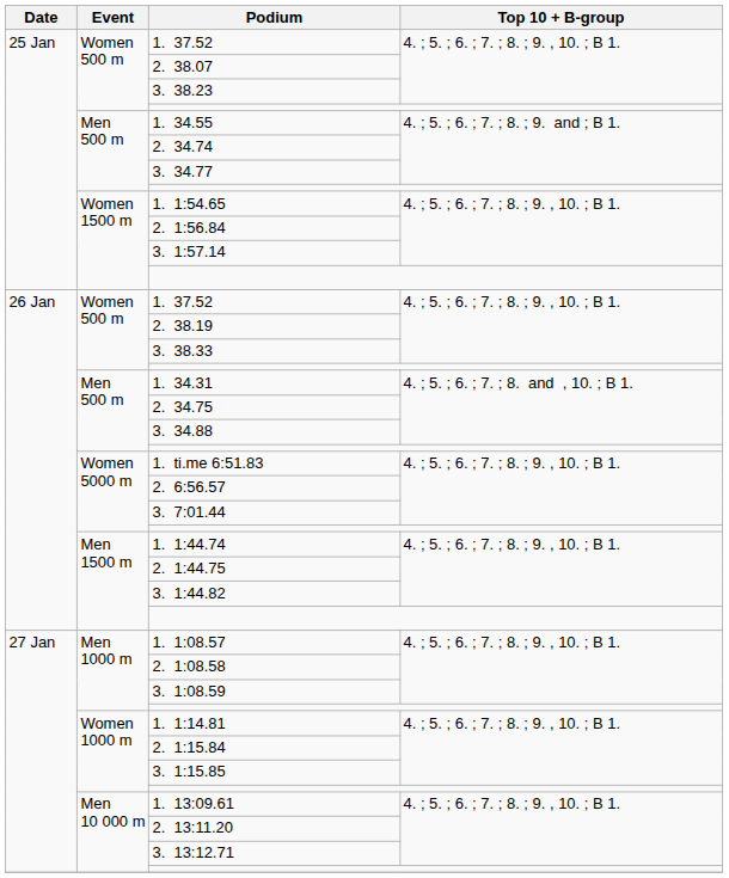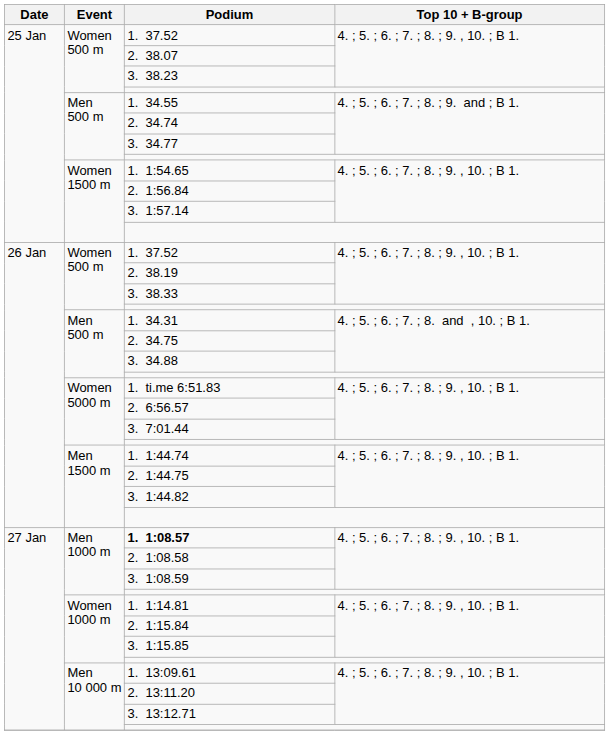 <table class="wikitable">
 <tr>
 <th width="10%">Date</th>
 <th width="10%">Event</th>
 <th width="35%">Podium</th>
 <th width="45%">Top 10 + B-group<br></th>
 </tr>
 <tr valign="top">
 <td rowspan="12">25 Jan</td>
 <td rowspan="4">Women<br>500 m<br></td>
 <td>1.  37.52</td>
 <td rowspan="3">4. ; 5. ; 6. ; 7. ; 8. ; 9. , 10. ; B 1. </td>
 </tr>
 <tr>
 <td>2.  38.07</td>
 </tr>
 <tr>
 <td>3.  38.23</td>
 </tr>
 <tr>
 <td colspan="2"></td>
 </tr>
 <tr valign="top">
 <td rowspan="4">Men<br>500 m<br></td>
 <td>1.  34.55</td>
 <td rowspan="3">4. ; 5. ; 6. ; 7. ; 8. ; 9.  and ; B 1. </td>
 </tr>
 <tr>
 <td>2.  34.74</td>
 </tr>
 <tr>
 <td>3.  34.77</td>
 </tr>
 <tr>
 <td colspan="2"></td>
 </tr>
 <tr valign="top">
 <td rowspan="4">Women<br>1500 m<br></td>
 <td>1.  1:54.65</td>
 <td rowspan="3">4. ; 5. ; 6. ; 7. ; 8. ; 9. , 10. ; B 1. </td>
 </tr>
 <tr>
 <td>2.  1:56.84</td>
 </tr>
 <tr>
 <td>3.  1:57.14</td>
 </tr>
 <tr>
 <td colspan="2"><br></td>
 </tr>
 <tr valign="top">
 <td rowspan="16">26 Jan</td>
 <td rowspan="4">Women<br>500 m<br></td>
 <td>1.  37.52</td>
 <td rowspan="3">4. ; 5. ; 6. ; 7. ; 8. ; 9. , 10. ; B 1. </td>
 </tr>
 <tr>
 <td>2.  38.19</td>
 </tr>
 <tr>
 <td>3.  38.33</td>
 </tr>
 <tr>
 <td colspan="2"></td>
 </tr>
 <tr valign="top">
 <td rowspan="4">Men<br>500 m<br></td>
 <td>1.  34.31</td>
 <td rowspan="3">4. ; 5. ; 6. ; 7. ; 8.  and  , 10. ; B 1. </td>
 </tr>
 <tr>
 <td>2.  34.75</td>
 </tr>
 <tr>
 <td>3.  34.88</td>
 </tr>
 <tr>
 <td colspan="2"></td>
 </tr>
 <tr valign="top">
 <td rowspan="4">Women<br>5000 m<br></td>
 <td>1.  ti.me 6:51.83</td>
 <td rowspan="3">4. ; 5. ; 6. ; 7. ; 8. ; 9. , 10. ; B 1. </td>
 </tr>
 <tr>
 <td>2.  6:56.57</td>
 </tr>
 <tr>
 <td>3.  7:01.44</td>
 </tr>
 <tr>
 <td colspan="2"></td>
 </tr>
 <tr valign="top">
 <td rowspan="4">Men<br>1500 m<br></td>
 <td>1.  1:44.74</td>
 <td rowspan="3">4. ; 5. ; 6. ; 7. ; 8. ; 9. , 10. ; B 1. </td>
 </tr>
 <tr>
 <td>2.  1:44.75</td>
 </tr>
 <tr>
 <td>3.  1:44.82</td>
 </tr>
 <tr>
 <td colspan="2"><br></td>
 </tr>
 <tr valign="top">
 <td rowspan="12">27 Jan</td>
 <td rowspan="4">Men<br>1000 m<br></td>
-<td>1.   1:08.57</td>
+<td><strong>1.   1:08.57</strong></td>
 <td rowspan="3">4. ; 5. ; 6. ; 7. ; 8. ; 9. , 10. ; B 1. </td>
 </tr>
 <tr>
 <td>2.  1:08.58</td>
 </tr>
 <tr>
 <td>3.  1:08.59</td>
 </tr>
 <tr>
 <td colspan="2"></td>
 </tr>
 <tr valign="top">
 <td rowspan="4">Women<br>1000 m<br></td>
 <td>1.  1:14.81</td>
 <td rowspan="3">4. ; 5. ; 6. ; 7. ; 8. ; 9. , 10. ; B 1. </td>
 </tr>
 <tr>
 <td>2.  1:15.84</td>
 </tr>
 <tr>
 <td>3.  1:15.85</td>
 </tr>
 <tr>
 <td colspan="2"></td>
 </tr>
 <tr valign="top">
 <td rowspan="4">Men<br>10 000 m<br></td>
 <td>1.  13:09.61</td>
 <td rowspan="3">4. ; 5. ; 6. ; 7. ; 8. ; 9. , 10. ; B 1. </td>
 </tr>
 <tr>
 <td>2.  13:11.20</td>
 </tr>
 <tr>
 <td>3.  13:12.71</td>
 </tr>
 <tr>
 <td colspan="2"></td>
 </tr>
 <tr>
 </tr>
 </table>
